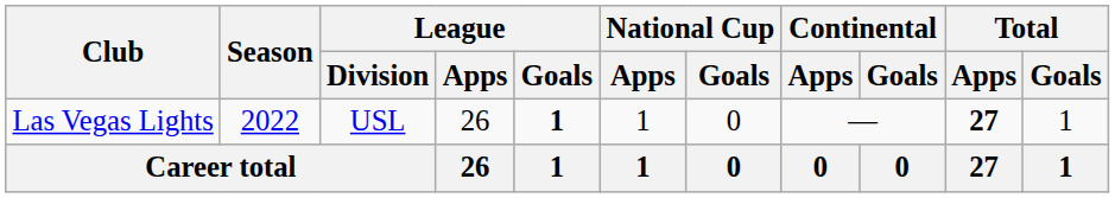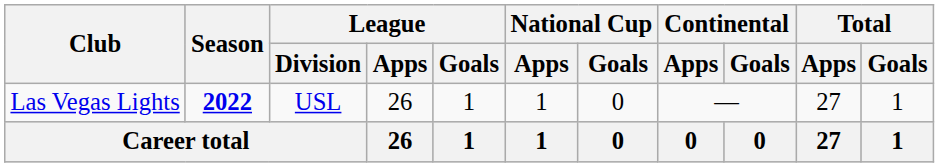 <table class=wikitable style=text-align:center>
 <tr>
 <th rowspan=2>Club</th>
 <th rowspan=2>Season</th>
 <th colspan=3>League</th>
 <th colspan=2>National Cup</th>
 <th colspan=2>Continental</th>
 <th colspan=2>Total</th>
 </tr>
 <tr>
 <th>Division</th>
 <th>Apps</th>
 <th>Goals</th>
 <th>Apps</th>
 <th>Goals</th>
 <th>Apps</th>
 <th>Goals</th>
 <th>Apps</th>
 <th>Goals</th>
 </tr>
 <tr>
 <td rowspan=1><a href='#'>Las Vegas Lights</a></td>
-<td><a href='#'>2022</a></td>
+<td><strong><a href='#'>2022</a></strong></td>
 <td><a href='#'>USL</a></td>
 <td>26</td>
-<td><strong>1</strong></td>
+<td>1</td>
 <td>1</td>
 <td>0</td>
 <td colspan=2>—</td>
-<td><strong>27</strong></td>
+<td>27</td>
 <td>1</td>
 </tr>
 <tr>
 <th colspan=3>Career total</th>
 <th>26</th>
 <th>1</th>
 <th>1</th>
 <th>0</th>
 <th>0</th>
 <th>0</th>
 <th>27</th>
 <th>1</th>
 </tr>
 </table>
